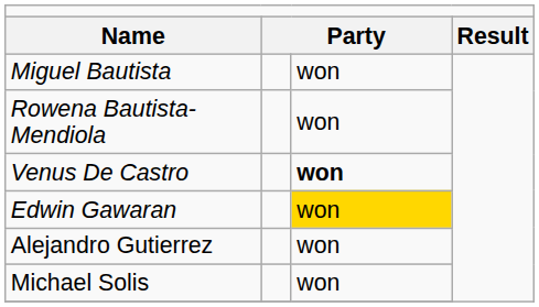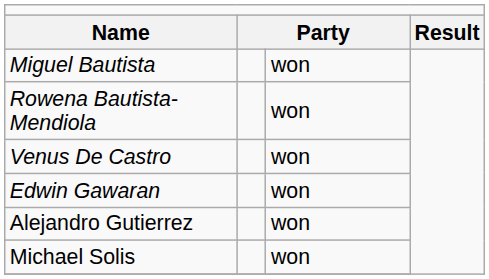 <table class=wikitable style="font-size:90%">
 <tr>
 <td colspan=4 bgcolor=></td>
 </tr>
 <tr>
 <th width=150px>Name</th>
 <th colspan=2 width=110px>Party</th>
 <th>Result</th>
 </tr>
 <tr>
 <td><em>Miguel Bautista</em></td>
 <td></td>
 <td>won</td>
 </tr>
 <tr>
 <td><em>Rowena Bautista-Mendiola</em></td>
 <td></td>
 <td>won</td>
 </tr>
 <tr>
 <td><em>Venus De Castro</em></td>
 <td></td>
-<td><strong>won</strong></td>
+<td>won</td>
 </tr>
 <tr>
 <td><em>Edwin Gawaran</em></td>
 <td></td>
-<td style="background: gold;">won</td>
+<td>won</td>
 </tr>
 <tr>
 <td>Alejandro Gutierrez</td>
 <td></td>
 <td>won</td>
 </tr>
 <tr>
 <td>Michael Solis</td>
 <td></td>
 <td>won</td>
 </tr>
 <tr>
 </tr>
 </table>
